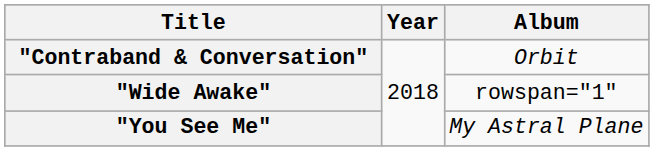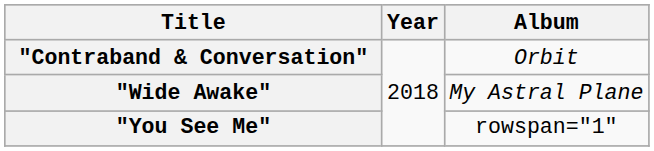 <table class="wikitable plainrowheaders" style="text-align:center;">
 <tr>
 <th scope="col" style="width:17em;">Title</th>
 <th scope="col">Year</th>
 <th scope="col">Album</th>
 </tr>
 <tr>
 <th scope="row">"Contraband & Conversation"<br></th>
 <td rowspan="3">2018</td>
 <td rowspan="1"><em>Orbit</em></td>
 </tr>
 <tr>
 <th scope="row">"Wide Awake"<br></th>
-<td>rowspan="1" </td>
+<td rowspan="1"><em>My Astral Plane</em></td>
 </tr>
 <tr>
 <th scope="row">"You See Me"<br></th>
-<td rowspan="1"><em>My Astral Plane</em></td>
+<td>rowspan="1" </td>
 </tr>
 </table>
